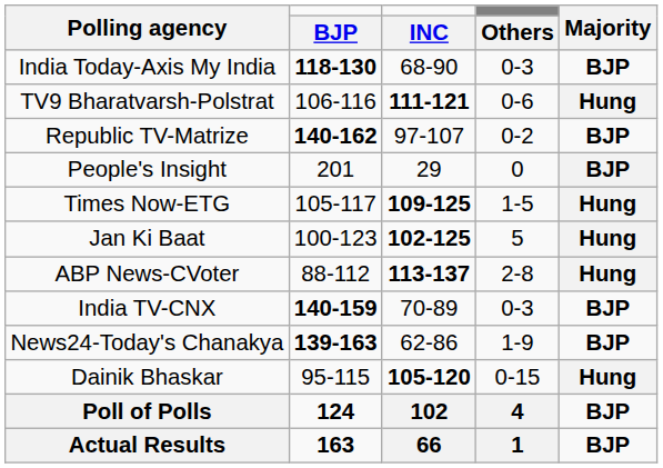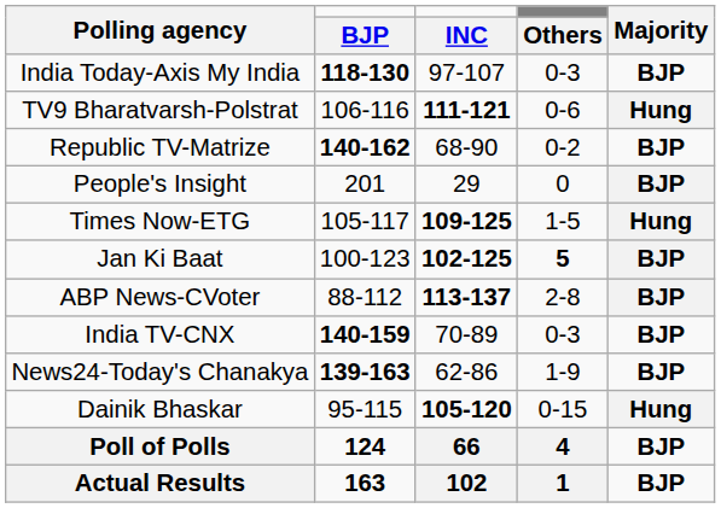 <table class="wikitable" style="text-align:center;font-size:95%;line-height:16px;">
 <tr>
 <th rowspan="2">Polling agency</th>
 <td></td>
 <td></td>
 <td style="background:gray;"></td>
 <th rowspan="2">Majority</th>
 </tr>
 <tr>
 <th><a href='#'>BJP</a></th>
 <th><a href='#'>INC</a></th>
 <th>Others</th>
 </tr>
 <tr>
 <td>India Today-Axis My India</td>
 <td><strong>118-130</strong></td>
-<td>68-90</td>
+<td>97-107</td>
 <td>0-3</td>
 <td><strong>BJP</strong></td>
 </tr>
 <tr>
 <td>TV9 Bharatvarsh-Polstrat</td>
 <td>106-116</td>
 <td><strong>111-121</strong></td>
 <td>0-6</td>
 <th>Hung</th>
 </tr>
 <tr>
 <td>Republic TV-Matrize</td>
 <td><strong>140-162</strong></td>
-<td>97-107</td>
+<td>68-90</td>
 <td>0-2</td>
 <td><strong>BJP</strong></td>
 </tr>
 <tr>
 <td>People's Insight</td>
 <td>201</td>
 <td>29</td>
 <td>0</td>
 <th>BJP</th>
 </tr>
 <tr>
 <td>Times Now-ETG</td>
 <td>105-117</td>
 <td><strong>109-125</strong></td>
 <td>1-5</td>
 <th>Hung</th>
 </tr>
 <tr>
 <td>Jan Ki Baat</td>
 <td>100-123</td>
 <td><strong>102-125</strong></td>
-<td>5</td>
-<th>Hung</th>
+<td><strong>5</strong></td>
+<th>BJP</th>
 </tr>
 <tr>
 <td>ABP News-CVoter</td>
 <td>88-112</td>
 <td><strong>113-137</strong></td>
 <td>2-8</td>
-<th>Hung</th>
+<th>BJP</th>
 </tr>
 <tr>
 <td>India TV-CNX</td>
 <td><strong>140-159</strong></td>
 <td>70-89</td>
 <td>0-3</td>
 <td><strong>BJP</strong></td>
 </tr>
 <tr>
 <td>News24-Today's Chanakya</td>
 <td><strong>139-163</strong></td>
 <td>62-86</td>
 <td>1-9</td>
 <td><strong>BJP</strong></td>
 </tr>
 <tr>
 <td>Dainik Bhaskar</td>
 <td>95-115</td>
 <td><strong>105-120</strong></td>
 <td>0-15</td>
 <th>Hung</th>
 </tr>
 <tr>
 <th>Poll of Polls</th>
 <td><strong>124</strong></td>
-<th>102</th>
+<th>66</th>
 <th>4</th>
 <td><strong>BJP</strong></td>
 </tr>
 <tr>
 <th>Actual Results</th>
 <td><strong>163</strong></td>
-<th>66</th>
+<th>102</th>
 <th>1</th>
 <td><strong>BJP</strong></td>
 </tr>
 </table>
